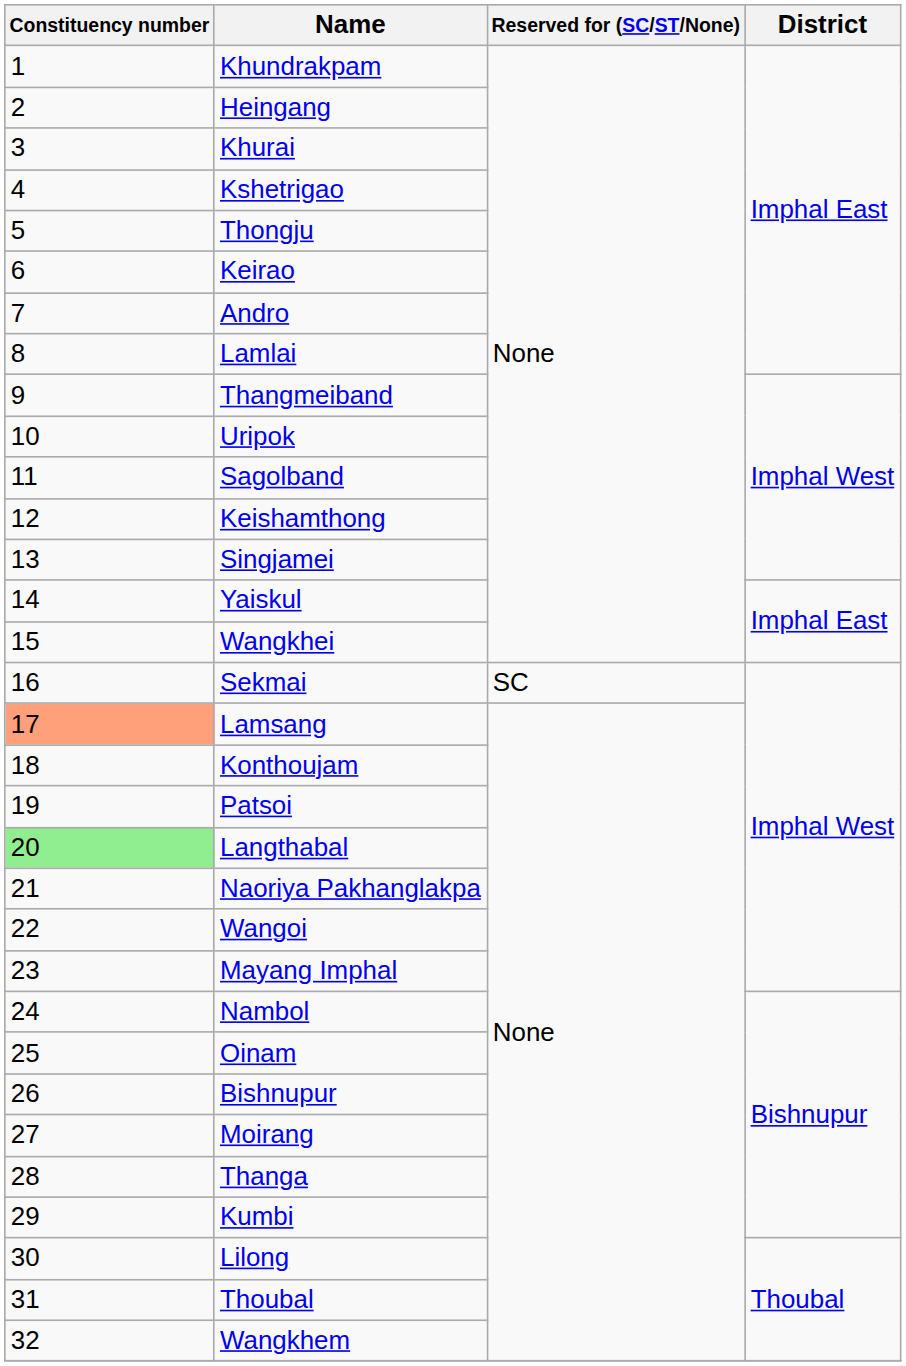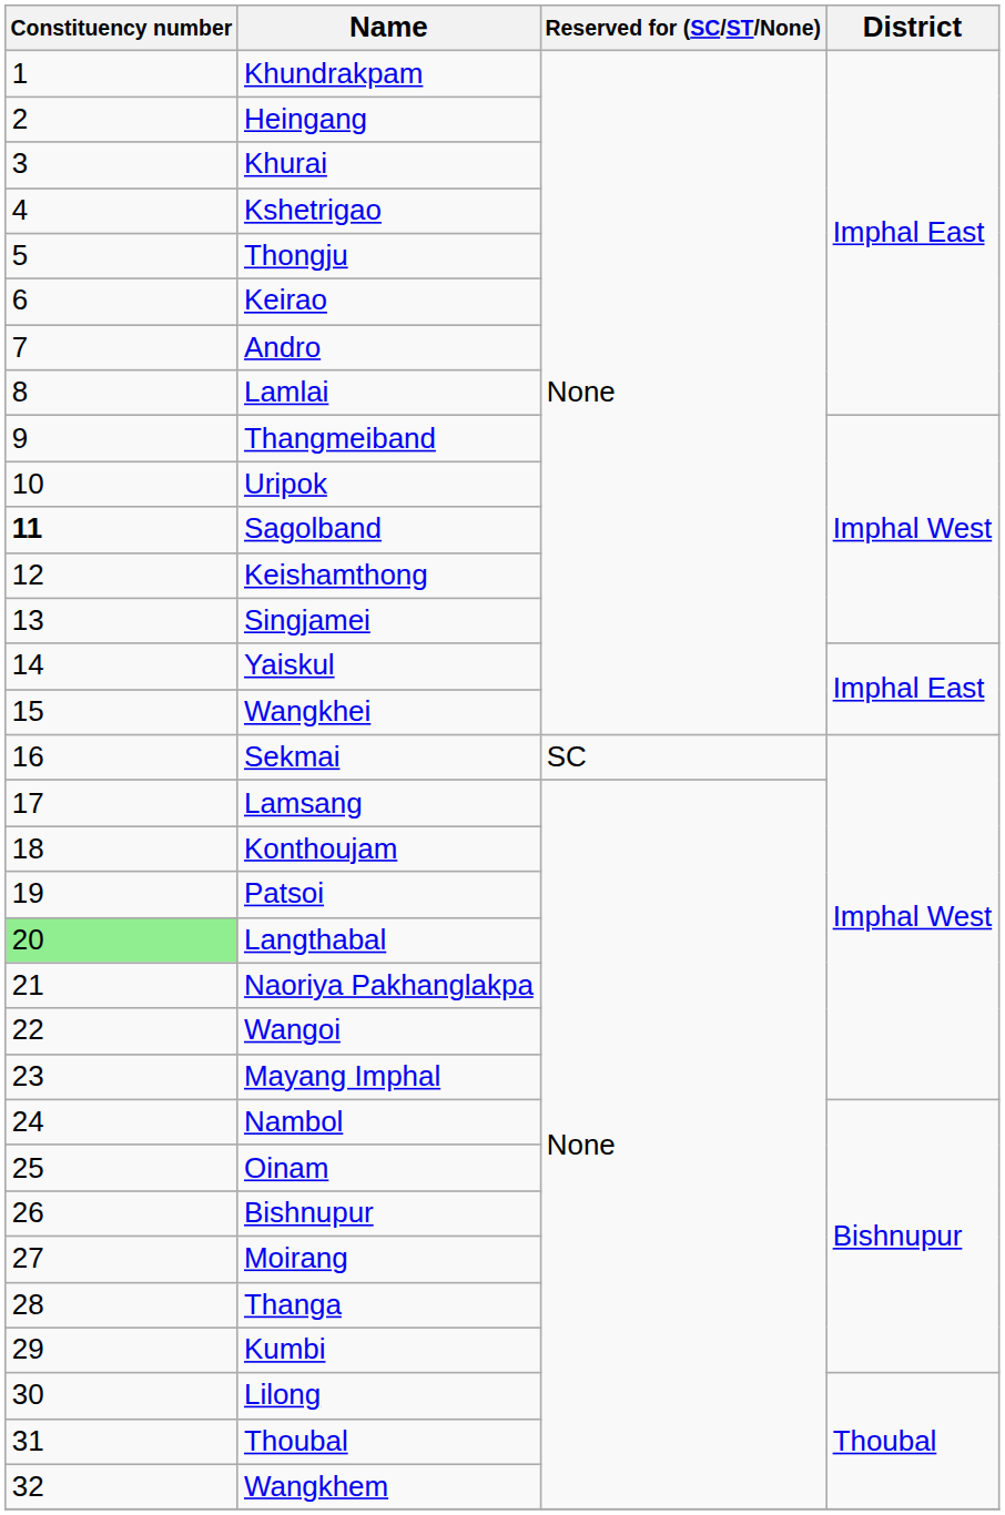 <table class="wikitable sortable collapsible collapsed">
 <tr>
 <th style="font-size:75%">Constituency number</th>
 <th>Name</th>
 <th style="font-size:75%">Reserved for (<a href='#'>SC</a>/<a href='#'>ST</a>/None)</th>
 <th>District</th>
 </tr>
 <tr>
 <td>1</td>
 <td><a href='#'>Khundrakpam</a></td>
 <td rowspan="15">None</td>
 <td rowspan="8"><a href='#'>Imphal East</a></td>
 </tr>
 <tr>
 <td>2</td>
 <td><a href='#'>Heingang</a></td>
 </tr>
 <tr>
 <td>3</td>
 <td><a href='#'>Khurai</a></td>
 </tr>
 <tr>
 <td>4</td>
 <td><a href='#'>Kshetrigao</a></td>
 </tr>
 <tr>
 <td>5</td>
 <td><a href='#'>Thongju</a></td>
 </tr>
 <tr>
 <td>6</td>
 <td><a href='#'>Keirao</a></td>
 </tr>
 <tr>
 <td>7</td>
 <td><a href='#'>Andro</a></td>
 </tr>
 <tr>
 <td>8</td>
 <td><a href='#'>Lamlai</a></td>
 </tr>
 <tr>
 <td>9</td>
 <td><a href='#'>Thangmeiband</a></td>
 <td rowspan="5"><a href='#'>Imphal West</a></td>
 </tr>
 <tr>
 <td>10</td>
 <td><a href='#'>Uripok</a></td>
 </tr>
 <tr>
-<td>11</td>
+<td><strong>11</strong></td>
 <td><a href='#'>Sagolband</a></td>
 </tr>
 <tr>
 <td>12</td>
 <td><a href='#'>Keishamthong</a></td>
 </tr>
 <tr>
 <td>13</td>
 <td><a href='#'>Singjamei</a></td>
 </tr>
 <tr>
 <td>14</td>
 <td><a href='#'>Yaiskul</a></td>
 <td rowspan="2"><a href='#'>Imphal East</a></td>
 </tr>
 <tr>
 <td>15</td>
 <td><a href='#'>Wangkhei</a></td>
 </tr>
 <tr>
 <td>16</td>
 <td><a href='#'>Sekmai</a></td>
 <td>SC</td>
 <td rowspan="8"><a href='#'>Imphal West</a></td>
 </tr>
 <tr>
-<td style="background: lightsalmon;">17</td>
+<td>17</td>
 <td><a href='#'>Lamsang</a></td>
 <td rowspan="16">None</td>
 </tr>
 <tr>
 <td>18</td>
 <td><a href='#'>Konthoujam</a></td>
 </tr>
 <tr>
 <td>19</td>
 <td><a href='#'>Patsoi</a></td>
 </tr>
 <tr>
 <td style="background: lightgreen;">20</td>
 <td><a href='#'>Langthabal</a></td>
 </tr>
 <tr>
 <td>21</td>
 <td><a href='#'>Naoriya Pakhanglakpa</a></td>
 </tr>
 <tr>
 <td>22</td>
 <td><a href='#'>Wangoi</a></td>
 </tr>
 <tr>
 <td>23</td>
 <td><a href='#'>Mayang Imphal</a></td>
 </tr>
 <tr>
 <td>24</td>
 <td><a href='#'>Nambol</a></td>
 <td rowspan="6"><a href='#'>Bishnupur</a></td>
 </tr>
 <tr>
 <td>25</td>
 <td><a href='#'>Oinam</a></td>
 </tr>
 <tr>
 <td>26</td>
 <td><a href='#'>Bishnupur</a></td>
 </tr>
 <tr>
 <td>27</td>
 <td><a href='#'>Moirang</a></td>
 </tr>
 <tr>
 <td>28</td>
 <td><a href='#'>Thanga</a></td>
 </tr>
 <tr>
 <td>29</td>
 <td><a href='#'>Kumbi</a></td>
 </tr>
 <tr>
 <td>30</td>
 <td><a href='#'>Lilong</a></td>
 <td rowspan="3"><a href='#'>Thoubal</a></td>
 </tr>
 <tr>
 <td>31</td>
 <td><a href='#'>Thoubal</a></td>
 </tr>
 <tr>
 <td>32</td>
 <td><a href='#'>Wangkhem</a></td>
 </tr>
 <tr>
 </tr>
 </table>
